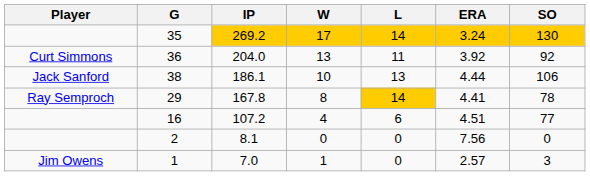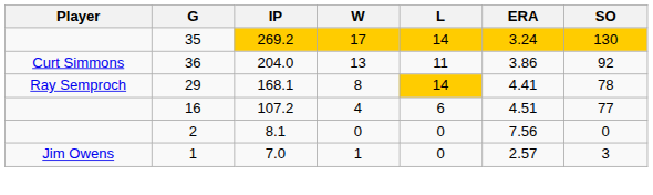 <table class="wikitable sortable">
 <tr>
 <th bgcolor="#DDDDFF" width="16%">Player</th>
 <th bgcolor="#DDDDFF" width="9%">G</th>
 <th bgcolor="#DDDDFF" width="9%">IP</th>
 <th bgcolor="#DDDDFF" width="9%">W</th>
 <th bgcolor="#DDDDFF" width="9%">L</th>
 <th bgcolor="#DDDDFF" width="9%">ERA</th>
 <th bgcolor="#DDDDFF" width="9%">SO</th>
 </tr>
 <tr align="center">
 <td></td>
 <td>35</td>
 <td style="background:#fc0;">269.2</td>
 <td style="background:#fc0;">17</td>
 <td style="background:#fc0;">14</td>
 <td style="background:#fc0;">3.24</td>
 <td style="background:#fc0;">130</td>
 </tr>
 <tr align="center">
 <td><a href='#'>Curt Simmons</a></td>
 <td>36</td>
 <td>204.0</td>
 <td>13</td>
 <td>11</td>
-<td>3.92</td>
+<td>3.86</td>
 <td>92</td>
-</tr>
-<tr align=center>
-<td><a href='#'>Jack Sanford</a></td>
-<td>38</td>
-<td>186.1</td>
-<td>10</td>
-<td>13</td>
-<td>4.44</td>
-<td>106</td>
 </tr>
 <tr align=center>
 <td><a href='#'>Ray Semproch</a></td>
 <td>29</td>
-<td>167.8</td>
+<td>168.1</td>
 <td>8</td>
 <td style="background:#fc0;">14</td>
 <td>4.41</td>
 <td>78</td>
 </tr>
 <tr align=center>
 <td></td>
 <td>16</td>
 <td>107.2</td>
 <td>4</td>
 <td>6</td>
 <td>4.51</td>
 <td>77</td>
 </tr>
 <tr align="center">
 <td></td>
 <td>2</td>
 <td>8.1</td>
 <td>0</td>
 <td>0</td>
 <td>7.56</td>
 <td>0</td>
 </tr>
 <tr align="center">
 <td><a href='#'>Jim Owens</a></td>
 <td>1</td>
 <td>7.0</td>
 <td>1</td>
 <td>0</td>
 <td>2.57</td>
 <td>3</td>
 </tr>
 </table>
